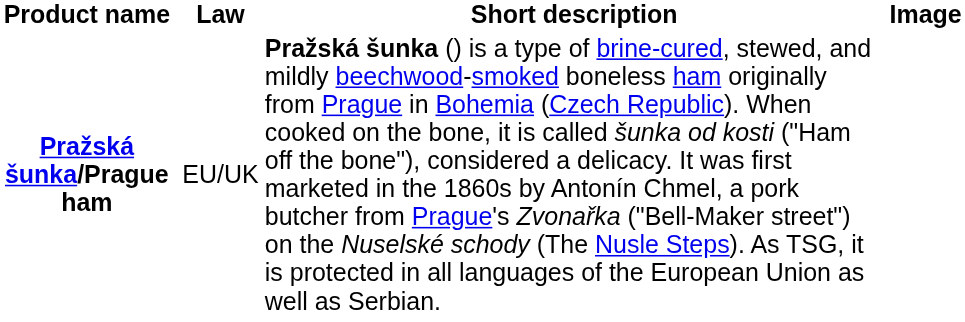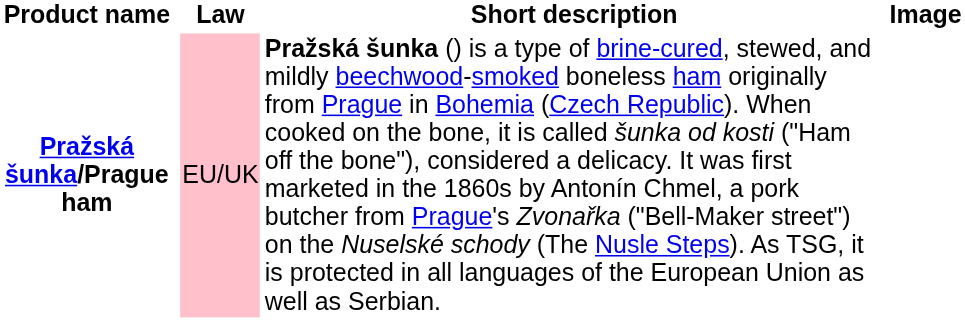 <table>
 <tr>
 <th>Product name</th>
 <th>Law</th>
 <th>Short description</th>
 <th>Image</th>
 </tr>
 <tr>
 <th><a href='#'>Pražská šunka</a>/Prague ham</th>
-<td>EU/UK</td>
+<td style="background: pink;">EU/UK</td>
 <td><strong>Pražská šunka</strong> () is a type of <a href='#'>brine-cured</a>, stewed, and mildly <a href='#'>beechwood</a>-<a href='#'>smoked</a> boneless <a href='#'>ham</a> originally from <a href='#'>Prague</a> in <a href='#'>Bohemia</a> (<a href='#'>Czech Republic</a>). When cooked on the bone, it is called <em>šunka od kosti</em> ("Ham off the bone"), considered a delicacy. It was first marketed in the 1860s by Antonín Chmel, a pork butcher from <a href='#'>Prague</a>'s <em>Zvonařka</em> ("Bell-Maker street") on the <em>Nuselské schody</em> (The <a href='#'>Nusle Steps</a>). As TSG, it is protected in all languages of the European Union as well as Serbian.</td>
 <td></td>
 </tr>
 </table>
